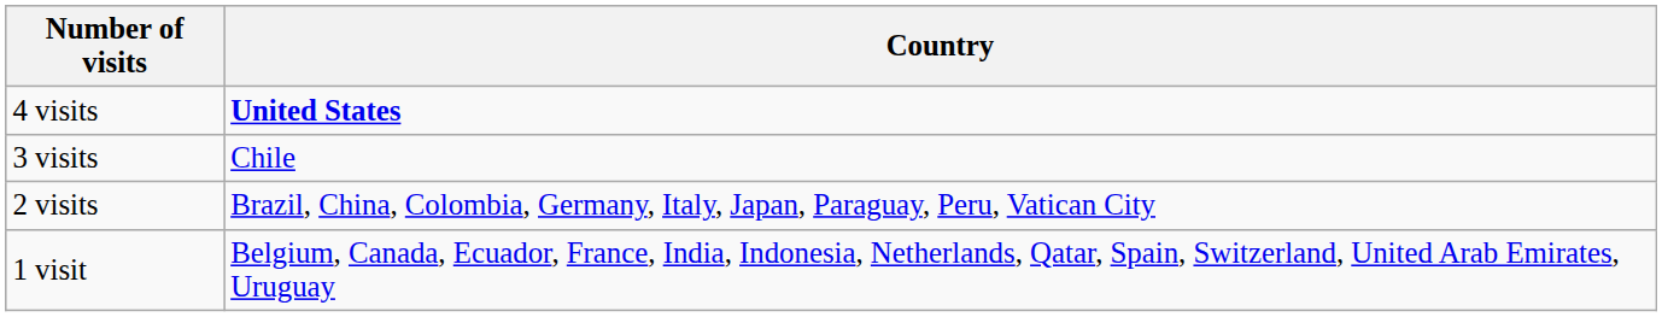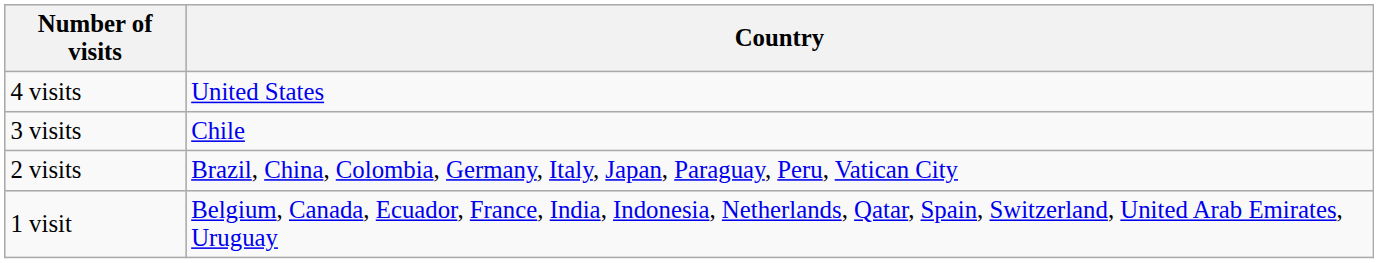 <table class="wikitable" style="margin: 1em auto 1em auto">
 <tr>
 <th>Number of visits</th>
 <th>Country</th>
 </tr>
 <tr>
 <td>4 visits</td>
-<td><strong><a href='#'>United States</a></strong></td>
+<td><a href='#'>United States</a></td>
 </tr>
 <tr>
 <td>3 visits</td>
 <td><a href='#'>Chile</a></td>
 </tr>
 <tr>
 <td>2 visits</td>
 <td><a href='#'>Brazil</a>, <a href='#'>China</a>, <a href='#'>Colombia</a>, <a href='#'>Germany</a>, <a href='#'>Italy</a>, <a href='#'>Japan</a>, <a href='#'>Paraguay</a>, <a href='#'>Peru</a>, <a href='#'>Vatican City</a></td>
 </tr>
 <tr>
 <td>1 visit</td>
 <td><a href='#'>Belgium</a>, <a href='#'>Canada</a>, <a href='#'>Ecuador</a>, <a href='#'>France</a>, <a href='#'>India</a>, <a href='#'>Indonesia</a>, <a href='#'>Netherlands</a>, <a href='#'>Qatar</a>, <a href='#'>Spain</a>, <a href='#'>Switzerland</a>, <a href='#'>United Arab Emirates</a>, <a href='#'>Uruguay</a></td>
 </tr>
 </table>
